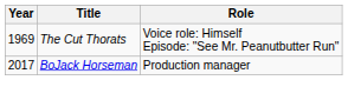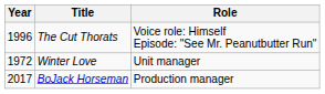 <table class="wikitable sortable">
 <tr>
 <th>Year</th>
 <th>Title</th>
 <th>Role</th>
 </tr>
 <tr>
-<td>1969</td>
+<td>1996</td>
 <td><em>The Cut Thorats</em></td>
 <td>Voice role: Himself<br>Episode: "See Mr. Peanutbutter Run"</td>
+</tr>
+<tr>
+<td>1972</td>
+<td><em>Winter Love</em></td>
+<td>Unit manager</td>
 </tr>
 <tr>
 <td>2017</td>
 <td><em><a href='#'>BoJack Horseman</a></em></td>
 <td>Production manager</td>
 </tr>
 </table>
